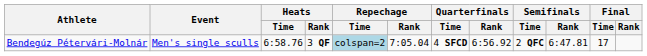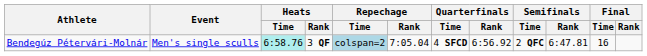 <table class="wikitable" style="font-size:90%">
 <tr>
 <th rowspan="2">Athlete</th>
 <th rowspan="2">Event</th>
 <th colspan="2">Heats</th>
 <th colspan="2">Repechage</th>
 <th colspan="2">Quarterfinals</th>
 <th colspan="2">Semifinals</th>
 <th colspan="2">Final</th>
 </tr>
 <tr style="font-size:95%">
 <th>Time</th>
 <th>Rank</th>
 <th>Time</th>
 <th>Rank</th>
 <th>Time</th>
 <th>Rank</th>
 <th>Time</th>
 <th>Rank</th>
 <th>Time</th>
 <th>Rank</th>
 </tr>
 <tr align=center>
 <td align=left><a href='#'>Bendegúz Pétervári-Molnár</a></td>
 <td align=left><a href='#'>Men's single sculls</a></td>
-<td>6:58.76</td>
+<td style="background: paleturquoise;">6:58.76</td>
 <td>3 <strong>QF</strong></td>
 <td style="background: lightblue;">colspan=2 </td>
 <td>7:05.04</td>
 <td>4 <strong>SFCD</strong></td>
 <td>6:56.92</td>
 <td>2 <strong>QFC</strong></td>
 <td>6:47.81</td>
-<td>17</td>
+<td>16</td>
 </tr>
 </table>
